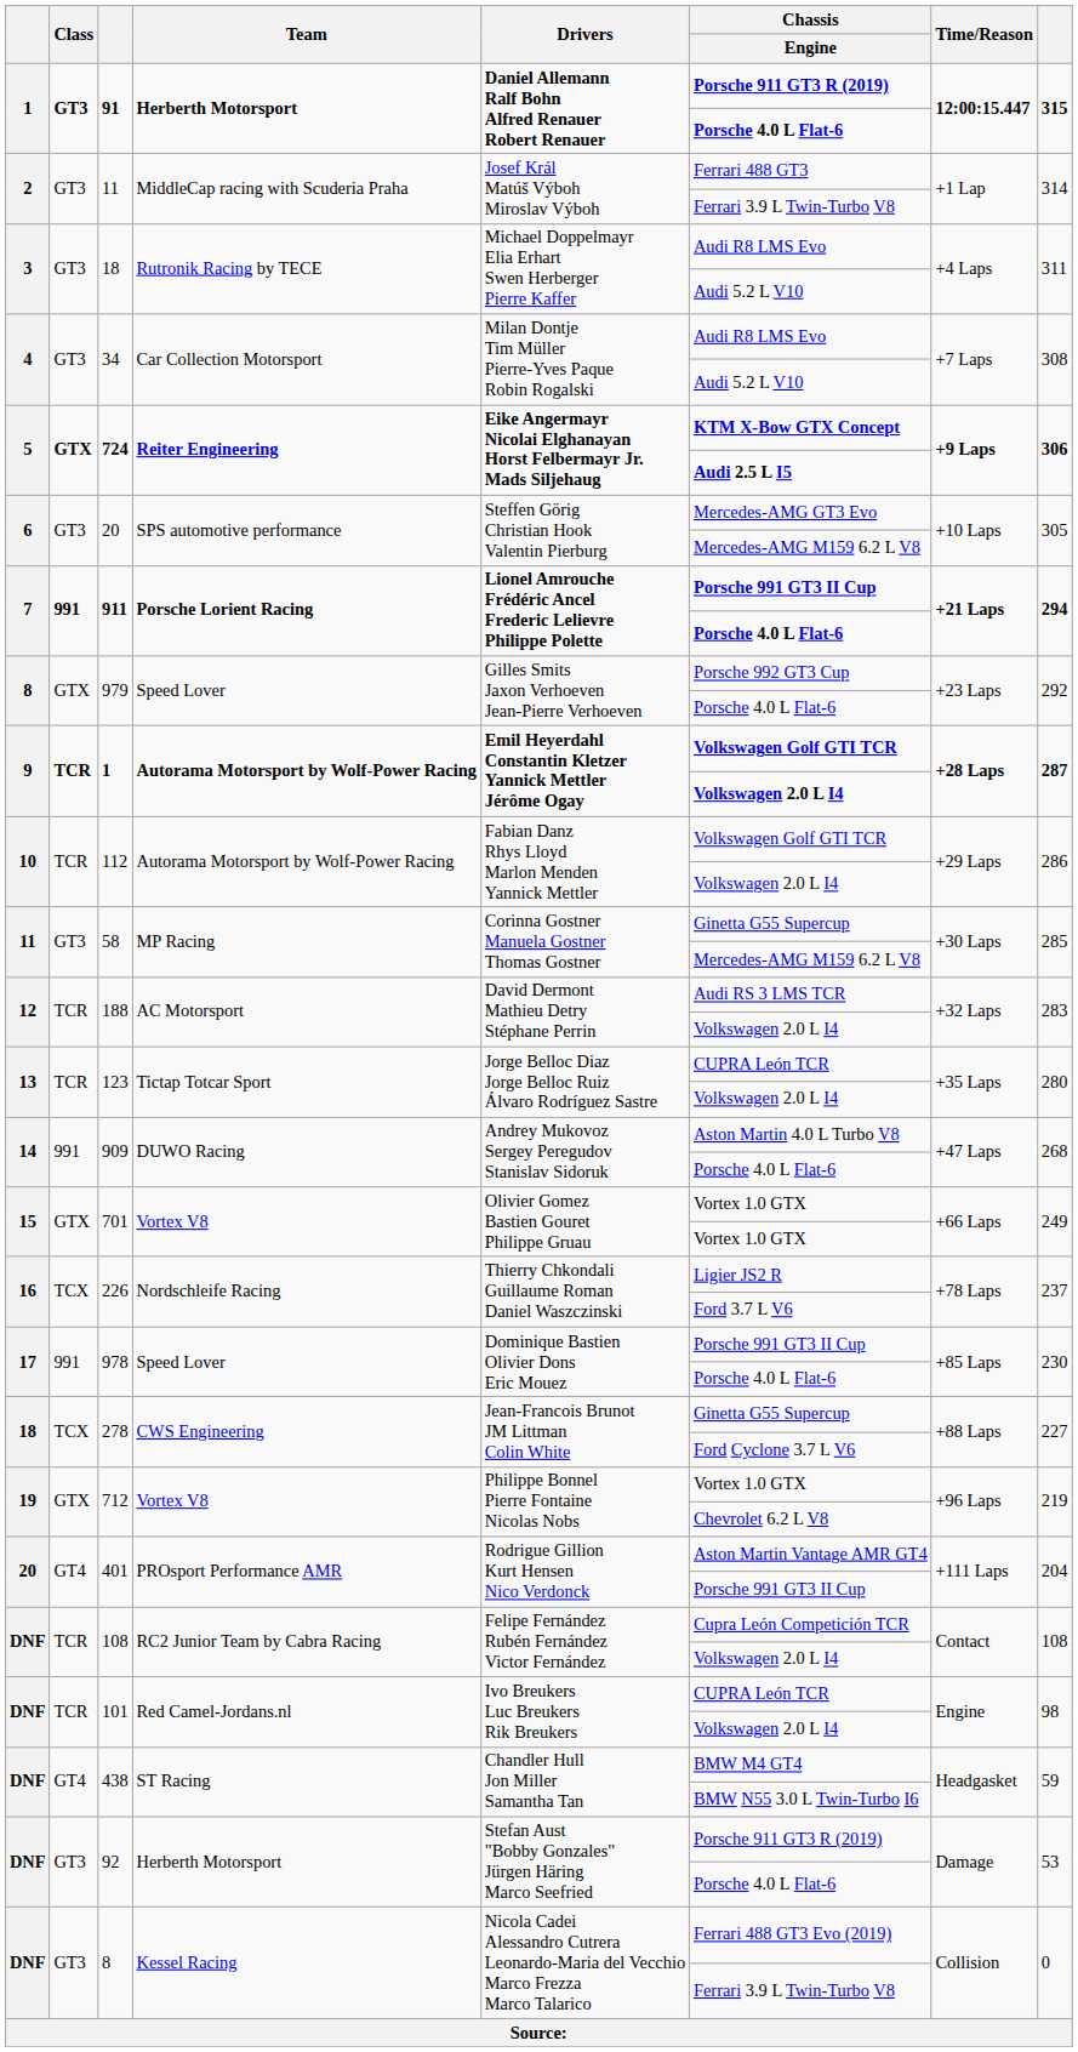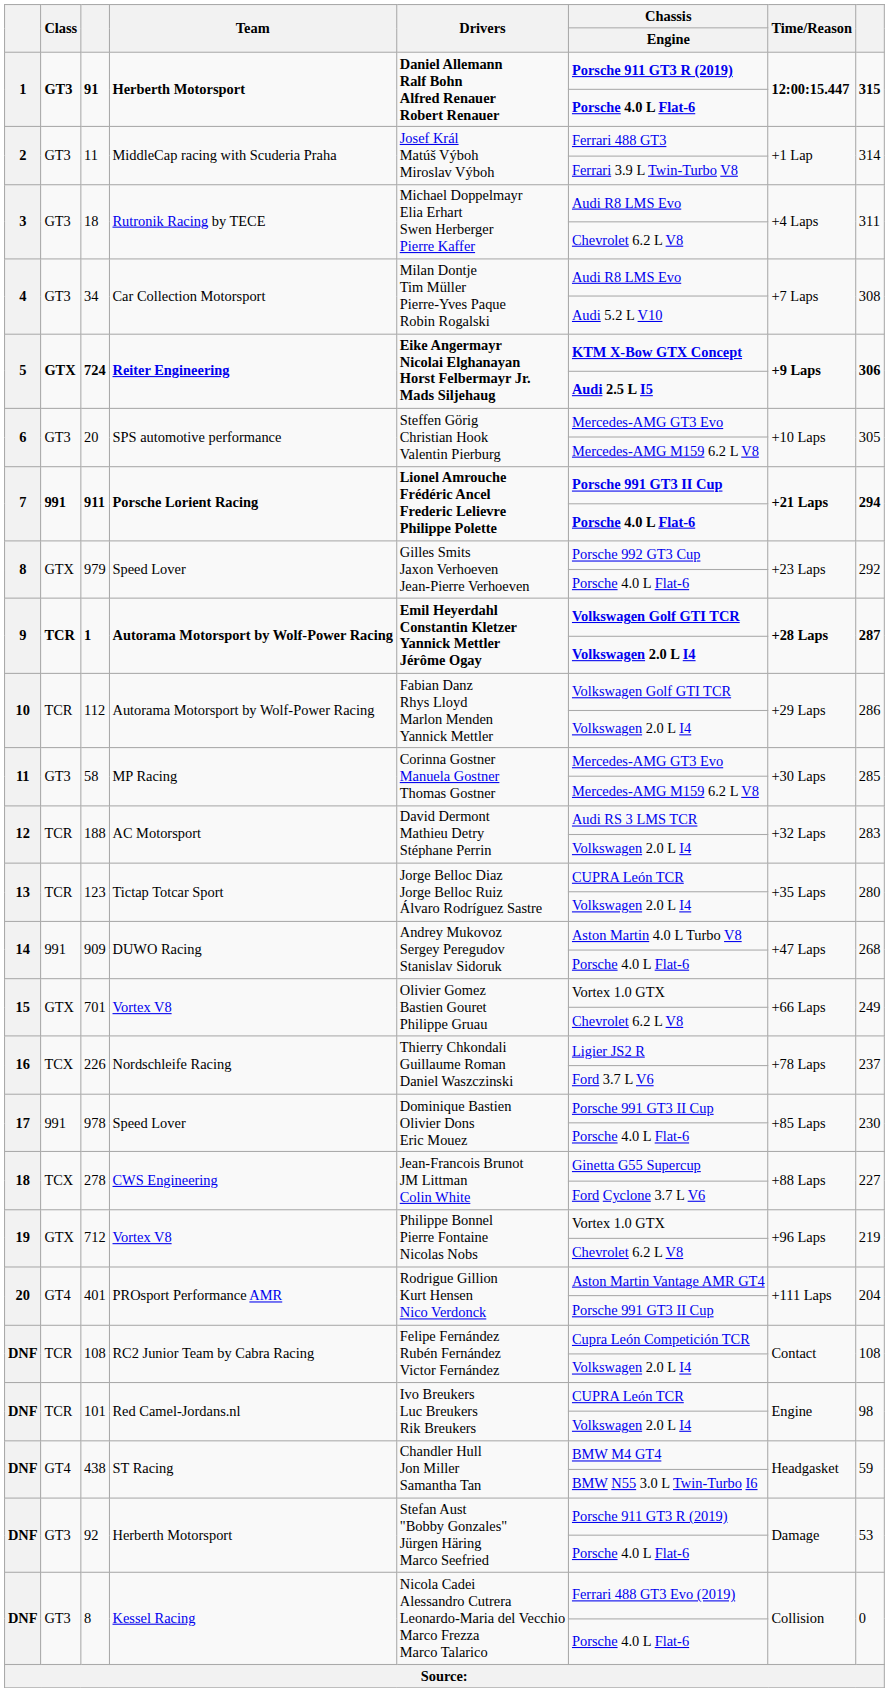 <table class="wikitable" style="font-size: 85%;">
 <tr>
 <th rowspan=2></th>
 <th rowspan=2>Class</th>
 <th rowspan=2></th>
 <th rowspan=2>Team</th>
 <th rowspan=2>Drivers</th>
 <th>Chassis</th>
 <th rowspan=2>Time/Reason</th>
 <th rowspan=2></th>
 </tr>
 <tr>
 <th>Engine</th>
 </tr>
 <tr style="font-weight:bold">
 <th rowspan=2>1</th>
 <td rowspan=2>GT3</td>
 <td rowspan=2>91</td>
 <td rowspan=2> Herberth Motorsport</td>
 <td rowspan=2> Daniel Allemann<br> Ralf Bohn<br> Alfred Renauer<br> Robert Renauer</td>
 <td><a href='#'>Porsche 911 GT3 R (2019)</a></td>
 <td rowspan=2>12:00:15.447</td>
 <td rowspan=2>315</td>
 </tr>
 <tr style="font-weight:bold">
 <td><a href='#'>Porsche</a> 4.0 L <a href='#'>Flat-6</a></td>
 </tr>
 <tr>
 <th rowspan=2>2</th>
 <td rowspan=2>GT3</td>
 <td rowspan=2>11</td>
 <td rowspan=2> MiddleCap racing with Scuderia Praha</td>
 <td rowspan=2> <a href='#'>Josef Král</a><br> Matúš Výboh<br> Miroslav Výboh</td>
 <td><a href='#'>Ferrari 488 GT3</a></td>
 <td rowspan=2>+1 Lap</td>
 <td rowspan=2>314</td>
 </tr>
 <tr>
 <td><a href='#'>Ferrari</a> 3.9 L <a href='#'>Twin-Turbo</a> <a href='#'>V8</a></td>
 </tr>
 <tr>
 <th rowspan=2>3</th>
 <td rowspan=2>GT3</td>
 <td rowspan=2>18</td>
 <td rowspan=2> <a href='#'>Rutronik Racing</a> by TECE</td>
 <td rowspan=2> Michael Doppelmayr<br> Elia Erhart<br> Swen Herberger<br> <a href='#'>Pierre Kaffer</a></td>
 <td><a href='#'>Audi R8 LMS Evo</a></td>
 <td rowspan=2>+4 Laps</td>
 <td rowspan=2>311</td>
 </tr>
 <tr>
-<td><a href='#'>Audi</a> 5.2 L <a href='#'>V10</a></td>
+<td><a href='#'>Chevrolet</a> 6.2 L <a href='#'>V8</a></td>
 </tr>
 <tr>
 <th rowspan=2>4</th>
 <td rowspan=2>GT3</td>
 <td rowspan=2>34</td>
 <td rowspan=2> Car Collection Motorsport</td>
 <td rowspan=2> Milan Dontje<br> Tim Müller<br> Pierre-Yves Paque<br> Robin Rogalski</td>
 <td><a href='#'>Audi R8 LMS Evo</a></td>
 <td rowspan=2>+7 Laps</td>
 <td rowspan=2>308</td>
 </tr>
 <tr>
 <td><a href='#'>Audi</a> 5.2 L <a href='#'>V10</a></td>
 </tr>
 <tr style="font-weight:bold">
 <th rowspan=2>5</th>
 <td rowspan=2>GTX</td>
 <td rowspan=2>724</td>
 <td rowspan=2> <a href='#'>Reiter Engineering</a></td>
 <td rowspan=2> Eike Angermayr<br> Nicolai Elghanayan<br> Horst Felbermayr Jr.<br> Mads Siljehaug</td>
 <td><a href='#'>KTM X-Bow GTX Concept</a></td>
 <td rowspan=2>+9 Laps</td>
 <td rowspan=2>306</td>
 </tr>
 <tr style="font-weight:bold">
 <td><a href='#'>Audi</a> 2.5 L <a href='#'>I5</a></td>
 </tr>
 <tr>
 <th rowspan=2>6</th>
 <td rowspan=2>GT3</td>
 <td rowspan=2>20</td>
 <td rowspan=2> SPS automotive performance</td>
 <td rowspan=2> Steffen Görig<br> Christian Hook<br> Valentin Pierburg</td>
 <td><a href='#'>Mercedes-AMG GT3 Evo</a></td>
 <td rowspan=2>+10 Laps</td>
 <td rowspan=2>305</td>
 </tr>
 <tr>
 <td><a href='#'>Mercedes-AMG M159</a> 6.2 L <a href='#'>V8</a></td>
 </tr>
 <tr style="font-weight:bold">
 <th rowspan=2>7</th>
 <td rowspan=2>991</td>
 <td rowspan=2>911</td>
 <td rowspan=2> Porsche Lorient Racing</td>
 <td rowspan=2> Lionel Amrouche<br> Frédéric Ancel<br> Frederic Lelievre<br> Philippe Polette</td>
 <td><a href='#'>Porsche 991 GT3 II Cup</a></td>
 <td rowspan=2>+21 Laps</td>
 <td rowspan=2>294</td>
 </tr>
 <tr style="font-weight:bold">
 <td><a href='#'>Porsche</a> 4.0 L <a href='#'>Flat-6</a></td>
 </tr>
 <tr>
 <th rowspan=2>8</th>
 <td rowspan=2>GTX</td>
 <td rowspan=2>979</td>
 <td rowspan=2> Speed Lover</td>
 <td rowspan=2> Gilles Smits<br> Jaxon Verhoeven<br> Jean-Pierre Verhoeven</td>
 <td><a href='#'>Porsche 992 GT3 Cup</a></td>
 <td rowspan=2>+23 Laps</td>
 <td rowspan=2>292</td>
 </tr>
 <tr>
 <td><a href='#'>Porsche</a> 4.0 L <a href='#'>Flat-6</a></td>
 </tr>
 <tr style="font-weight:bold">
 <th rowspan=2>9</th>
 <td rowspan=2>TCR</td>
 <td rowspan=2>1</td>
 <td rowspan=2> Autorama Motorsport by Wolf-Power Racing</td>
 <td rowspan=2> Emil Heyerdahl<br> Constantin Kletzer<br> Yannick Mettler<br> Jérôme Ogay</td>
 <td><a href='#'>Volkswagen Golf GTI TCR</a></td>
 <td rowspan=2>+28 Laps</td>
 <td rowspan=2>287</td>
 </tr>
 <tr style="font-weight:bold">
 <td><a href='#'>Volkswagen</a> 2.0 L <a href='#'>I4</a></td>
 </tr>
 <tr>
 <th rowspan=2>10</th>
 <td rowspan=2>TCR</td>
 <td rowspan=2>112</td>
 <td rowspan=2> Autorama Motorsport by Wolf-Power Racing</td>
 <td rowspan=2> Fabian Danz<br> Rhys Lloyd<br> Marlon Menden<br> Yannick Mettler</td>
 <td><a href='#'>Volkswagen Golf GTI TCR</a></td>
 <td rowspan=2>+29 Laps</td>
 <td rowspan=2>286</td>
 </tr>
 <tr>
 <td><a href='#'>Volkswagen</a> 2.0 L <a href='#'>I4</a></td>
 </tr>
 <tr>
 <th rowspan=2>11</th>
 <td rowspan=2>GT3</td>
 <td rowspan=2>58</td>
 <td rowspan=2> MP Racing</td>
 <td rowspan=2> Corinna Gostner<br> <a href='#'>Manuela Gostner</a><br> Thomas Gostner</td>
-<td><a href='#'>Ginetta G55 Supercup</a></td>
+<td><a href='#'>Mercedes-AMG GT3 Evo</a></td>
 <td rowspan=2>+30 Laps</td>
 <td rowspan=2>285</td>
 </tr>
 <tr>
 <td><a href='#'>Mercedes-AMG M159</a> 6.2 L <a href='#'>V8</a></td>
 </tr>
 <tr>
 <th rowspan=2>12</th>
 <td rowspan=2>TCR</td>
 <td rowspan=2>188</td>
 <td rowspan=2> AC Motorsport</td>
 <td rowspan=2> David Dermont<br> Mathieu Detry<br> Stéphane Perrin</td>
 <td><a href='#'>Audi RS 3 LMS TCR</a></td>
 <td rowspan=2>+32 Laps</td>
 <td rowspan=2>283</td>
 </tr>
 <tr>
 <td><a href='#'>Volkswagen</a> 2.0 L <a href='#'>I4</a></td>
 </tr>
 <tr>
 <th rowspan=2>13</th>
 <td rowspan=2>TCR</td>
 <td rowspan=2>123</td>
 <td rowspan=2> Tictap Totcar Sport</td>
 <td rowspan=2> Jorge Belloc Diaz<br> Jorge Belloc Ruiz<br> Álvaro Rodríguez Sastre</td>
 <td><a href='#'>CUPRA León TCR</a></td>
 <td rowspan=2>+35 Laps</td>
 <td rowspan=2>280</td>
 </tr>
 <tr>
 <td><a href='#'>Volkswagen</a> 2.0 L <a href='#'>I4</a></td>
 </tr>
 <tr>
 <th rowspan=2>14</th>
 <td rowspan=2>991</td>
 <td rowspan=2>909</td>
 <td rowspan=2> DUWO Racing</td>
 <td rowspan=2> Andrey Mukovoz<br> Sergey Peregudov<br> Stanislav Sidoruk</td>
 <td><a href='#'>Aston Martin</a> 4.0 L Turbo <a href='#'>V8</a></td>
 <td rowspan=2>+47 Laps</td>
 <td rowspan=2>268</td>
 </tr>
 <tr>
 <td><a href='#'>Porsche</a> 4.0 L <a href='#'>Flat-6</a></td>
 </tr>
 <tr>
 <th rowspan=2>15</th>
 <td rowspan=2>GTX</td>
 <td rowspan=2>701</td>
 <td rowspan=2> <a href='#'>Vortex V8</a></td>
 <td rowspan=2> Olivier Gomez<br> Bastien Gouret<br> Philippe Gruau</td>
 <td>Vortex 1.0 GTX</td>
 <td rowspan=2>+66 Laps</td>
 <td rowspan=2>249</td>
 </tr>
 <tr>
-<td>Vortex 1.0 GTX</td>
+<td><a href='#'>Chevrolet</a> 6.2 L <a href='#'>V8</a></td>
 </tr>
 <tr>
 <th rowspan=2>16</th>
 <td rowspan=2>TCX</td>
 <td rowspan=2>226</td>
 <td rowspan=2> Nordschleife Racing</td>
 <td rowspan=2> Thierry Chkondali<br> Guillaume Roman<br> Daniel Waszczinski</td>
 <td><a href='#'>Ligier JS2 R</a></td>
 <td rowspan=2>+78 Laps</td>
 <td rowspan=2>237</td>
 </tr>
 <tr>
 <td><a href='#'>Ford</a> 3.7 L <a href='#'>V6</a></td>
 </tr>
 <tr>
 <th rowspan=2>17</th>
 <td rowspan=2>991</td>
 <td rowspan=2>978</td>
 <td rowspan=2> Speed Lover</td>
 <td rowspan=2> Dominique Bastien<br> Olivier Dons<br> Eric Mouez</td>
 <td><a href='#'>Porsche 991 GT3 II Cup</a></td>
 <td rowspan=2>+85 Laps</td>
 <td rowspan=2>230</td>
 </tr>
 <tr>
 <td><a href='#'>Porsche</a> 4.0 L <a href='#'>Flat-6</a></td>
 </tr>
 <tr>
 <th rowspan=2>18</th>
 <td rowspan=2>TCX</td>
 <td rowspan=2>278</td>
 <td rowspan=2> <a href='#'>CWS Engineering</a></td>
 <td rowspan=2> Jean-Francois Brunot<br> JM Littman<br> <a href='#'>Colin White</a></td>
 <td><a href='#'>Ginetta G55 Supercup</a></td>
 <td rowspan=2>+88 Laps</td>
 <td rowspan=2>227</td>
 </tr>
 <tr>
 <td><a href='#'>Ford</a> <a href='#'>Cyclone</a> 3.7 L <a href='#'>V6</a></td>
 </tr>
 <tr>
 <th rowspan=2>19</th>
 <td rowspan=2>GTX</td>
 <td rowspan=2>712</td>
 <td rowspan=2> <a href='#'>Vortex V8</a></td>
 <td rowspan=2> Philippe Bonnel<br> Pierre Fontaine<br> Nicolas Nobs</td>
 <td>Vortex 1.0 GTX</td>
 <td rowspan=2>+96 Laps</td>
 <td rowspan=2>219</td>
 </tr>
 <tr>
 <td><a href='#'>Chevrolet</a> 6.2 L <a href='#'>V8</a></td>
 </tr>
 <tr>
 <th rowspan=2>20</th>
 <td rowspan=2>GT4</td>
 <td rowspan=2>401</td>
 <td rowspan=2> PROsport Performance <a href='#'>AMR</a></td>
 <td rowspan=2> Rodrigue Gillion<br> Kurt Hensen<br> <a href='#'>Nico Verdonck</a></td>
 <td><a href='#'>Aston Martin Vantage AMR GT4</a></td>
 <td rowspan=2>+111 Laps</td>
 <td rowspan=2>204</td>
 </tr>
 <tr>
 <td><a href='#'>Porsche 991 GT3 II Cup</a></td>
 </tr>
 <tr>
 <th rowspan=2>DNF</th>
 <td rowspan=2>TCR</td>
 <td rowspan=2>108</td>
 <td rowspan=2> RC2 Junior Team by Cabra Racing</td>
 <td rowspan=2> Felipe Fernández<br> Rubén Fernández<br> Victor Fernández</td>
 <td><a href='#'>Cupra León Competición TCR</a></td>
 <td rowspan=2>Contact</td>
 <td rowspan=2>108</td>
 </tr>
 <tr>
 <td><a href='#'>Volkswagen</a> 2.0 L <a href='#'>I4</a></td>
 </tr>
 <tr>
 <th rowspan=2>DNF</th>
 <td rowspan=2>TCR</td>
 <td rowspan=2>101</td>
 <td rowspan=2> Red Camel-Jordans.nl</td>
 <td rowspan=2> Ivo Breukers<br> Luc Breukers<br> Rik Breukers</td>
 <td><a href='#'>CUPRA León TCR</a></td>
 <td rowspan=2>Engine</td>
 <td rowspan=2>98</td>
 </tr>
 <tr>
 <td><a href='#'>Volkswagen</a> 2.0 L <a href='#'>I4</a></td>
 </tr>
 <tr>
 <th rowspan=2>DNF</th>
 <td rowspan=2>GT4</td>
 <td rowspan=2>438</td>
 <td rowspan=2> ST Racing</td>
 <td rowspan=2> Chandler Hull<br> Jon Miller<br> Samantha Tan</td>
 <td><a href='#'>BMW M4 GT4</a></td>
 <td rowspan=2>Headgasket</td>
 <td rowspan=2>59</td>
 </tr>
 <tr>
 <td><a href='#'>BMW</a> <a href='#'>N55</a> 3.0 L <a href='#'>Twin-Turbo</a> <a href='#'>I6</a></td>
 </tr>
 <tr>
 <th rowspan=2>DNF</th>
 <td rowspan=2>GT3</td>
 <td rowspan=2>92</td>
 <td rowspan=2> Herberth Motorsport</td>
 <td rowspan=2> Stefan Aust<br> "Bobby Gonzales"<br> Jürgen Häring<br> Marco Seefried</td>
 <td><a href='#'>Porsche 911 GT3 R (2019)</a></td>
 <td rowspan=2>Damage</td>
 <td rowspan=2>53</td>
 </tr>
 <tr>
 <td><a href='#'>Porsche</a> 4.0 L <a href='#'>Flat-6</a></td>
 </tr>
 <tr>
 <th rowspan=2>DNF</th>
 <td rowspan=2>GT3</td>
 <td rowspan=2>8</td>
 <td rowspan=2> <a href='#'>Kessel Racing</a></td>
 <td rowspan=2> Nicola Cadei<br> Alessandro Cutrera<br> Leonardo-Maria del Vecchio<br> Marco Frezza<br> Marco Talarico</td>
 <td><a href='#'>Ferrari 488 GT3 Evo (2019)</a></td>
 <td rowspan=2>Collision</td>
 <td rowspan=2>0</td>
 </tr>
 <tr>
-<td><a href='#'>Ferrari</a> 3.9 L <a href='#'>Twin-Turbo</a> <a href='#'>V8</a></td>
+<td><a href='#'>Porsche</a> 4.0 L <a href='#'>Flat-6</a></td>
 </tr>
 <tr>
 <th colspan=9>Source:</th>
 </tr>
 </table>
